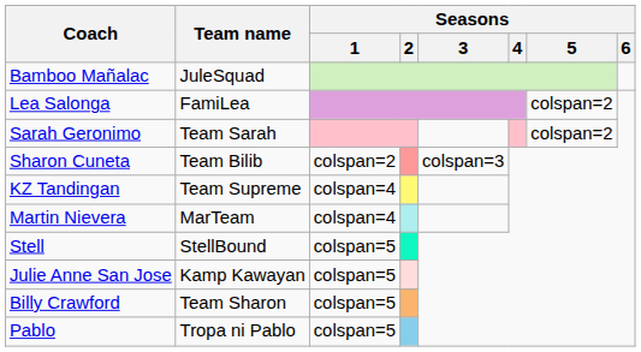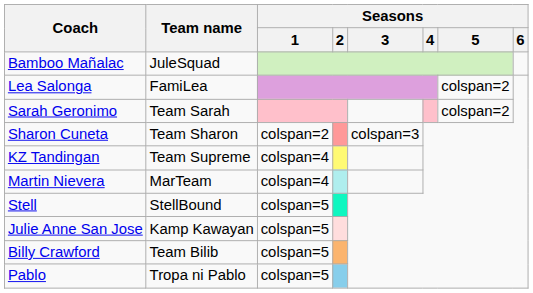 <table class="wikitable">
 <tr>
 <th rowspan=2>Coach</th>
 <th rowspan=2>Team name</th>
 <th colspan=6>Seasons</th>
 </tr>
 <tr>
 <th>1</th>
 <th>2</th>
 <th>3</th>
 <th>4</th>
 <th>5</th>
 <th>6</th>
 </tr>
 <tr>
 <td><a href='#'>Bamboo Mañalac</a></td>
 <td>JuleSquad</td>
 <td colspan=5 bgcolor=#d0f0c0></td>
 <td></td>
 </tr>
 <tr>
 <td><a href='#'>Lea Salonga</a></td>
 <td>FamiLea</td>
 <td colspan=4 bgcolor=#dda0dd></td>
 <td>colspan=2 </td>
 </tr>
 <tr>
 <td><a href='#'>Sarah Geronimo</a></td>
 <td>Team Sarah</td>
 <td colspan=2 bgcolor=pink></td>
 <td></td>
 <td bgcolor=pink></td>
 <td>colspan=2 </td>
 </tr>
 <tr>
 <td><a href='#'>Sharon Cuneta</a></td>
-<td>Team Bilib</td>
+<td>Team Sharon</td>
 <td>colspan=2 </td>
 <td bgcolor=#f99></td>
 <td>colspan=3 </td>
 </tr>
 <tr>
 <td><a href='#'>KZ Tandingan</a></td>
 <td>Team Supreme</td>
 <td>colspan=4 </td>
 <td bgcolor=#fffa73></td>
 <td></td>
 </tr>
 <tr>
 <td><a href='#'>Martin Nievera</a></td>
 <td>MarTeam</td>
 <td>colspan=4 </td>
 <td bgcolor=#afeeee></td>
 <td></td>
 </tr>
 <tr>
 <td><a href='#'>Stell</a></td>
 <td>StellBound</td>
 <td>colspan=5 </td>
 <td bgcolor=#0ff7c0></td>
 </tr>
 <tr>
 <td><a href='#'>Julie Anne San Jose</a></td>
 <td>Kamp Kawayan</td>
 <td>colspan=5 </td>
 <td bgcolor=#ffdddd></td>
 </tr>
 <tr>
 <td><a href='#'>Billy Crawford</a></td>
-<td>Team Sharon</td>
+<td>Team Bilib</td>
 <td>colspan=5 </td>
 <td bgcolor=#fbb46e></td>
 </tr>
 <tr>
 <td><a href='#'>Pablo</a></td>
 <td>Tropa ni Pablo</td>
 <td>colspan=5 </td>
 <td bgcolor=#87CEEB></td>
 </tr>
 </table>
